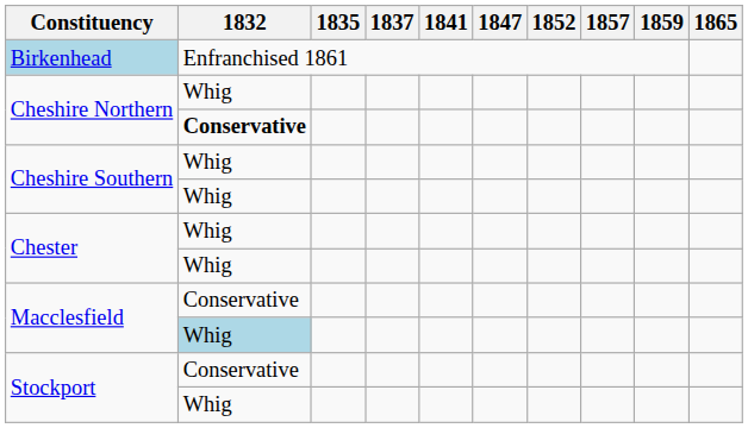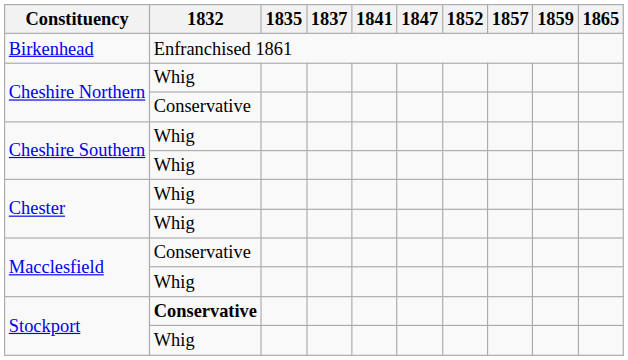 <table class=wikitable sortable>
 <tr>
 <th>Constituency</th>
 <th>1832</th>
 <th>1835</th>
 <th>1837</th>
 <th>1841</th>
 <th>1847</th>
 <th>1852</th>
 <th>1857</th>
 <th>1859</th>
 <th>1865</th>
 </tr>
 <tr>
-<td style="background: lightblue;"><a href='#'>Birkenhead</a></td>
+<td><a href='#'>Birkenhead</a></td>
 <td colspan=8>Enfranchised 1861</td>
 <td></td>
 </tr>
 <tr>
 <td rowspan=2><a href='#'>Cheshire Northern</a></td>
 <td bgcolor=>Whig</td>
 <td></td>
 <td></td>
 <td></td>
 <td></td>
 <td></td>
 <td></td>
 <td></td>
 <td></td>
 </tr>
 <tr>
-<td bgcolor=><strong>Conservative</strong></td>
+<td bgcolor=>Conservative</td>
 <td></td>
 <td></td>
 <td></td>
 <td></td>
 <td></td>
 <td></td>
 <td></td>
 <td></td>
 </tr>
 <tr>
 <td rowspan=2><a href='#'>Cheshire Southern</a></td>
 <td bgcolor=>Whig</td>
 <td></td>
 <td></td>
 <td></td>
 <td></td>
 <td></td>
 <td></td>
 <td></td>
 <td></td>
 </tr>
 <tr>
 <td bgcolor=>Whig</td>
 <td></td>
 <td></td>
 <td></td>
 <td></td>
 <td></td>
 <td></td>
 <td></td>
 <td></td>
 </tr>
 <tr>
 <td rowspan="2"><a href='#'>Chester</a></td>
 <td>Whig</td>
 <td></td>
 <td></td>
 <td></td>
 <td></td>
 <td></td>
 <td></td>
 <td></td>
 <td></td>
 </tr>
 <tr>
 <td>Whig</td>
 <td></td>
 <td></td>
 <td></td>
 <td></td>
 <td></td>
 <td></td>
 <td></td>
 <td></td>
 </tr>
 <tr>
 <td rowspan="2"><a href='#'>Macclesfield</a></td>
 <td>Conservative</td>
 <td></td>
 <td></td>
 <td></td>
 <td></td>
 <td></td>
 <td></td>
 <td></td>
 <td></td>
 </tr>
 <tr>
-<td style="background: lightblue;">Whig</td>
+<td>Whig</td>
 <td></td>
 <td></td>
 <td></td>
 <td></td>
 <td></td>
 <td></td>
 <td></td>
 <td></td>
 </tr>
 <tr>
 <td rowspan="2"><a href='#'>Stockport</a></td>
-<td>Conservative</td>
+<td><strong>Conservative</strong></td>
 <td></td>
 <td></td>
 <td></td>
 <td></td>
 <td></td>
 <td></td>
 <td></td>
 <td></td>
 </tr>
 <tr>
 <td>Whig</td>
 <td></td>
 <td></td>
 <td></td>
 <td></td>
 <td></td>
 <td></td>
 <td></td>
 <td></td>
 </tr>
 </table>
